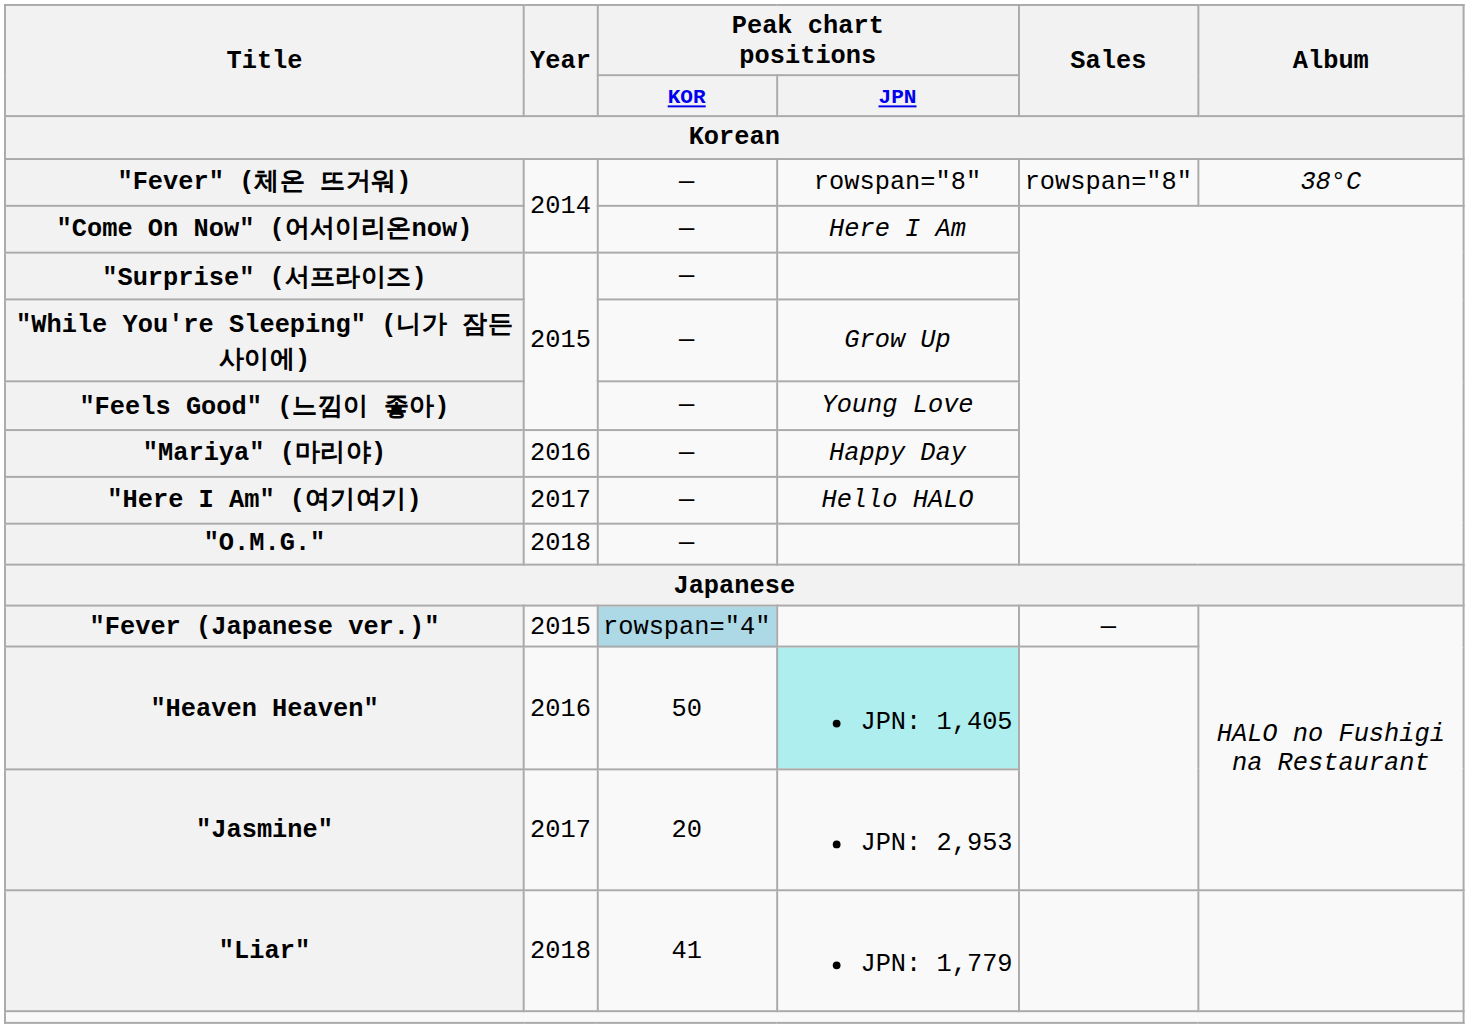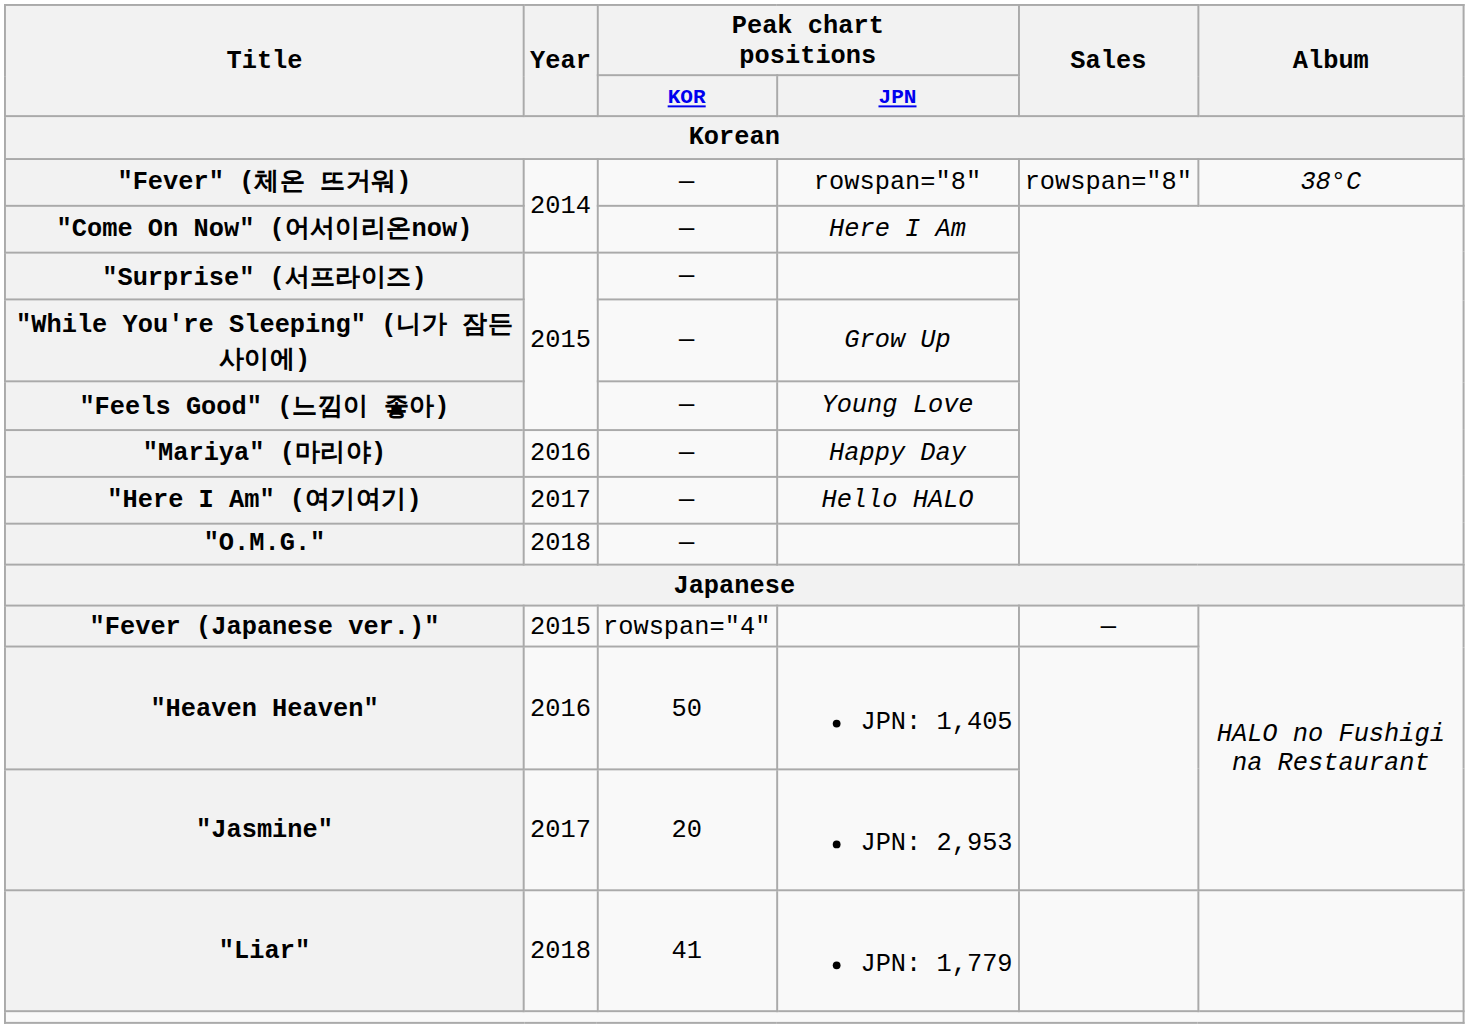 <table class="wikitable plainrowheaders" style="text-align:center;" border="1">
 <tr>
 <th scope="col" rowspan="2" style="width:20em;">Title</th>
 <th scope="col" rowspan="2">Year</th>
 <th scope="col" colspan="2">Peak chart <br> positions</th>
 <th scope="col" rowspan="2">Sales</th>
 <th scope="col" rowspan="2" style="width:10em;">Album</th>
 </tr>
 <tr>
 <th><small><a href='#'>KOR</a></small><br></th>
 <th><small><a href='#'>JPN</a></small><br></th>
 </tr>
 <tr>
 <th scope="col" colspan="6">Korean</th>
 </tr>
 <tr>
 <th scope="row">"Fever" (체온 뜨거워)</th>
 <td rowspan="2">2014</td>
 <td>—</td>
 <td>rowspan="8" </td>
 <td>rowspan="8" </td>
 <td><em>38°C</em></td>
 </tr>
 <tr>
 <th scope="row">"Come On Now" (어서이리온now)</th>
 <td>—</td>
 <td><em>Here I Am</em></td>
 </tr>
 <tr>
 <th scope="row">"Surprise" (서프라이즈)</th>
 <td rowspan="3">2015</td>
 <td>—</td>
 <td></td>
 </tr>
 <tr>
 <th scope="row">"While You're Sleeping" (니가 잠든 사이에)</th>
 <td>—</td>
 <td><em>Grow Up</em></td>
 </tr>
 <tr>
 <th scope="row">"Feels Good" (느낌이 좋아)</th>
 <td>—</td>
 <td><em>Young Love</em></td>
 </tr>
 <tr>
 <th scope="row">"Mariya" (마리야)</th>
 <td>2016</td>
 <td>—</td>
 <td><em>Happy Day</em></td>
 </tr>
 <tr>
 <th scope="row">"Here I Am" (여기여기)</th>
 <td>2017</td>
 <td>—</td>
 <td><em>Hello HALO</em></td>
 </tr>
 <tr>
 <th scope="row">"O.M.G."</th>
 <td>2018</td>
 <td>—</td>
 <td></td>
 </tr>
 <tr>
 <th scope="col" colspan="6">Japanese</th>
 </tr>
 <tr>
 <th scope="row">"Fever (Japanese ver.)"</th>
 <td>2015</td>
-<td style="background: lightblue;">rowspan="4" </td>
+<td>rowspan="4" </td>
 <td></td>
 <td>—</td>
 <td rowspan="3"><em>HALO no Fushigi na Restaurant</em></td>
 </tr>
 <tr>
 <th scope="row">"Heaven Heaven"</th>
 <td>2016</td>
 <td>50</td>
-<td style="background: paleturquoise;"><br><ul><li>JPN: 1,405</li></ul></td>
+<td><br><ul><li>JPN: 1,405</li></ul></td>
 </tr>
 <tr>
 <th scope="row">"Jasmine"</th>
 <td>2017</td>
 <td>20</td>
 <td><br><ul><li>JPN: 2,953</li></ul></td>
 </tr>
 <tr>
 <th scope="row">"Liar"</th>
 <td>2018</td>
 <td>41</td>
 <td><br><ul><li>JPN: 1,779</li></ul></td>
 <td></td>
 </tr>
 <tr>
 <td colspan="6" align="center"></td>
 </tr>
 </table>
